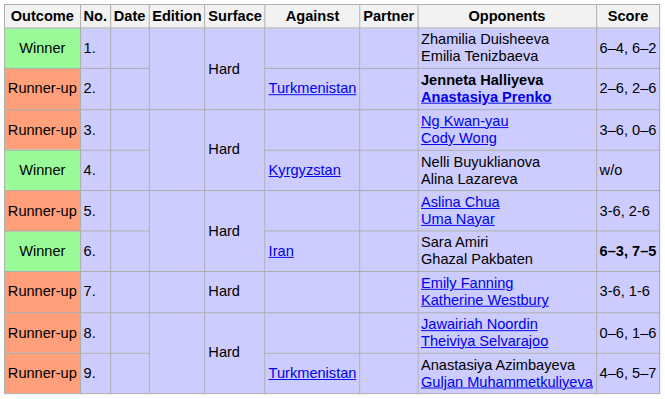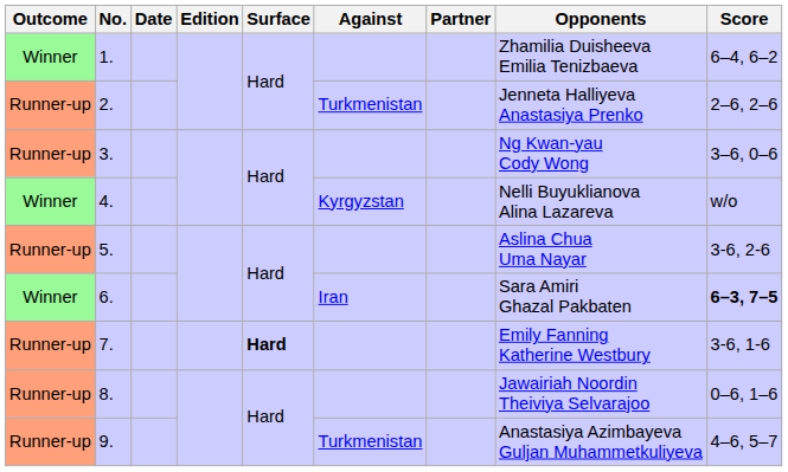 <table class=wikitable style=font-size:97%>
 <tr>
 <th>Outcome</th>
 <th>No.</th>
 <th>Date</th>
 <th>Edition</th>
 <th>Surface</th>
 <th>Against</th>
 <th>Partner</th>
 <th>Opponents</th>
 <th>Score</th>
 </tr>
 <tr style="background:#ccf;">
 <td style="text-align:center; background:#98fb98;">Winner</td>
 <td>1.</td>
 <td></td>
 <td rowspan="2"></td>
 <td rowspan="2">Hard</td>
 <td></td>
 <td> </td>
 <td> Zhamilia Duisheeva <br>  Emilia Tenizbaeva</td>
 <td>6–4, 6–2</td>
 </tr>
 <tr style="background:#ccf;">
 <td style="text-align:center; background:#ffa07a;">Runner-up</td>
 <td>2.</td>
 <td></td>
 <td><a href='#'>Turkmenistan</a></td>
 <td> </td>
-<td><strong> Jenneta Halliyeva <br>  <a href='#'>Anastasiya Prenko</a></strong></td>
+<td> Jenneta Halliyeva <br>  <a href='#'>Anastasiya Prenko</a></td>
 <td>2–6, 2–6</td>
 </tr>
 <tr style="background:#ccf;">
 <td style="text-align:center; background:#ffa07a;">Runner-up</td>
 <td>3.</td>
 <td></td>
 <td rowspan="2"></td>
 <td rowspan="2">Hard</td>
 <td></td>
 <td> </td>
 <td> <a href='#'>Ng Kwan-yau</a> <br>  <a href='#'>Cody Wong</a></td>
 <td>3–6, 0–6</td>
 </tr>
 <tr style="background:#ccf;">
 <td style="text-align:center; background:#98fb98;">Winner</td>
 <td>4.</td>
 <td></td>
 <td><a href='#'>Kyrgyzstan</a></td>
 <td> </td>
 <td> Nelli Buyuklianova <br>  Alina Lazareva</td>
 <td>w/o</td>
 </tr>
 <tr style="background:#ccf;">
 <td style="text-align:center; background:#ffa07a;">Runner-up</td>
 <td>5.</td>
 <td></td>
 <td rowspan="2"></td>
 <td rowspan="2">Hard</td>
 <td></td>
 <td> </td>
 <td> <a href='#'>Aslina Chua</a> <br>  <a href='#'>Uma Nayar</a></td>
 <td>3-6, 2-6</td>
 </tr>
 <tr style="background:#ccf;">
 <td style="text-align:center; background:#98fb98;">Winner</td>
 <td>6.</td>
 <td></td>
 <td><a href='#'>Iran</a></td>
 <td> </td>
 <td> Sara Amiri <br>  Ghazal Pakbaten</td>
 <td><strong>6–3, 7–5</strong></td>
 </tr>
 <tr style="background:#ccf;">
 <td style="text-align:center; background:#ffa07a;">Runner-up</td>
 <td>7.</td>
 <td></td>
 <td rowspan="1"></td>
-<td rowspan="1">Hard</td>
+<td rowspan="1"><strong>Hard</strong></td>
 <td></td>
 <td> </td>
 <td> <a href='#'>Emily Fanning</a> <br>  <a href='#'>Katherine Westbury</a></td>
 <td>3-6, 1-6</td>
 </tr>
 <tr style="background:#ccf;">
 <td style="text-align:center; background:#ffa07a;">Runner-up</td>
 <td>8.</td>
 <td></td>
 <td rowspan="2"></td>
 <td rowspan="2">Hard</td>
 <td></td>
 <td> </td>
 <td> <a href='#'>Jawairiah Noordin</a> <br>  <a href='#'>Theiviya Selvarajoo</a></td>
 <td>0–6, 1–6</td>
 </tr>
 <tr style="background:#ccf;">
 <td style="text-align:center; background:#ffa07a;">Runner-up</td>
 <td>9.</td>
 <td></td>
 <td><a href='#'>Turkmenistan</a></td>
 <td> </td>
 <td> Anastasiya Azimbayeva <br>  <a href='#'>Guljan Muhammetkuliyeva</a></td>
 <td>4–6, 5–7</td>
 </tr>
 </table>
